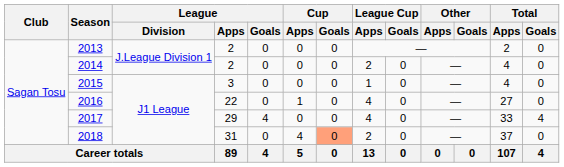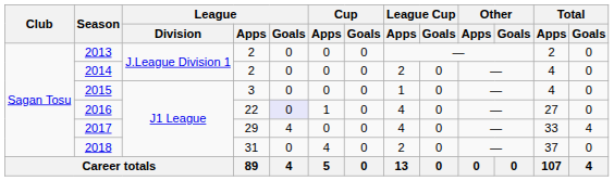 <table class="wikitable" style="font-size:90%; text-align: center">
 <tr>
 <th rowspan=2>Club</th>
 <th rowspan=2>Season</th>
 <th colspan=3>League</th>
 <th colspan=2>Cup</th>
 <th colspan=2>League Cup</th>
 <th colspan=2>Other</th>
 <th colspan=2>Total</th>
 </tr>
 <tr>
 <th>Division</th>
 <th>Apps</th>
 <th>Goals</th>
 <th>Apps</th>
 <th>Goals</th>
 <th>Apps</th>
 <th>Goals</th>
 <th>Apps</th>
 <th>Goals</th>
 <th>Apps</th>
 <th>Goals</th>
 </tr>
 <tr>
 <td rowspan=6><a href='#'>Sagan Tosu</a></td>
 <td><a href='#'>2013</a></td>
 <td rowspan=2><a href='#'>J.League Division 1</a></td>
 <td>2</td>
 <td>0</td>
 <td>0</td>
 <td>0</td>
 <td colspan=4>—</td>
 <td>2</td>
 <td>0</td>
 </tr>
 <tr>
 <td><a href='#'>2014</a></td>
 <td>2</td>
 <td>0</td>
 <td>0</td>
 <td>0</td>
 <td>2</td>
 <td>0</td>
 <td colspan=2>—</td>
 <td>4</td>
 <td>0</td>
 </tr>
 <tr>
 <td><a href='#'>2015</a></td>
 <td rowspan=4><a href='#'>J1 League</a></td>
 <td>3</td>
 <td>0</td>
 <td>0</td>
 <td>0</td>
 <td>1</td>
 <td>0</td>
 <td colspan=2>—</td>
 <td>4</td>
 <td>0</td>
 </tr>
 <tr>
 <td><a href='#'>2016</a></td>
 <td>22</td>
-<td>0</td>
+<td style="background: lavender;">0</td>
 <td>1</td>
 <td>0</td>
 <td>4</td>
 <td>0</td>
 <td colspan=2>—</td>
 <td>27</td>
 <td>0</td>
 </tr>
 <tr>
 <td><a href='#'>2017</a></td>
 <td>29</td>
 <td>4</td>
 <td>0</td>
 <td>0</td>
 <td>4</td>
 <td>0</td>
 <td colspan=2>—</td>
 <td>33</td>
 <td>4</td>
 </tr>
 <tr>
 <td><a href='#'>2018</a></td>
 <td>31</td>
 <td>0</td>
 <td>4</td>
-<td style="background: lightsalmon;">0</td>
+<td>0</td>
 <td>2</td>
 <td>0</td>
 <td colspan=2>—</td>
 <td>37</td>
 <td>0</td>
 </tr>
 <tr>
 <th colspan=3>Career totals</th>
 <th>89</th>
 <th>4</th>
 <th>5</th>
 <th>0</th>
 <th>13</th>
 <th>0</th>
 <th>0</th>
 <th>0</th>
 <th>107</th>
 <th>4</th>
 </tr>
 </table>
